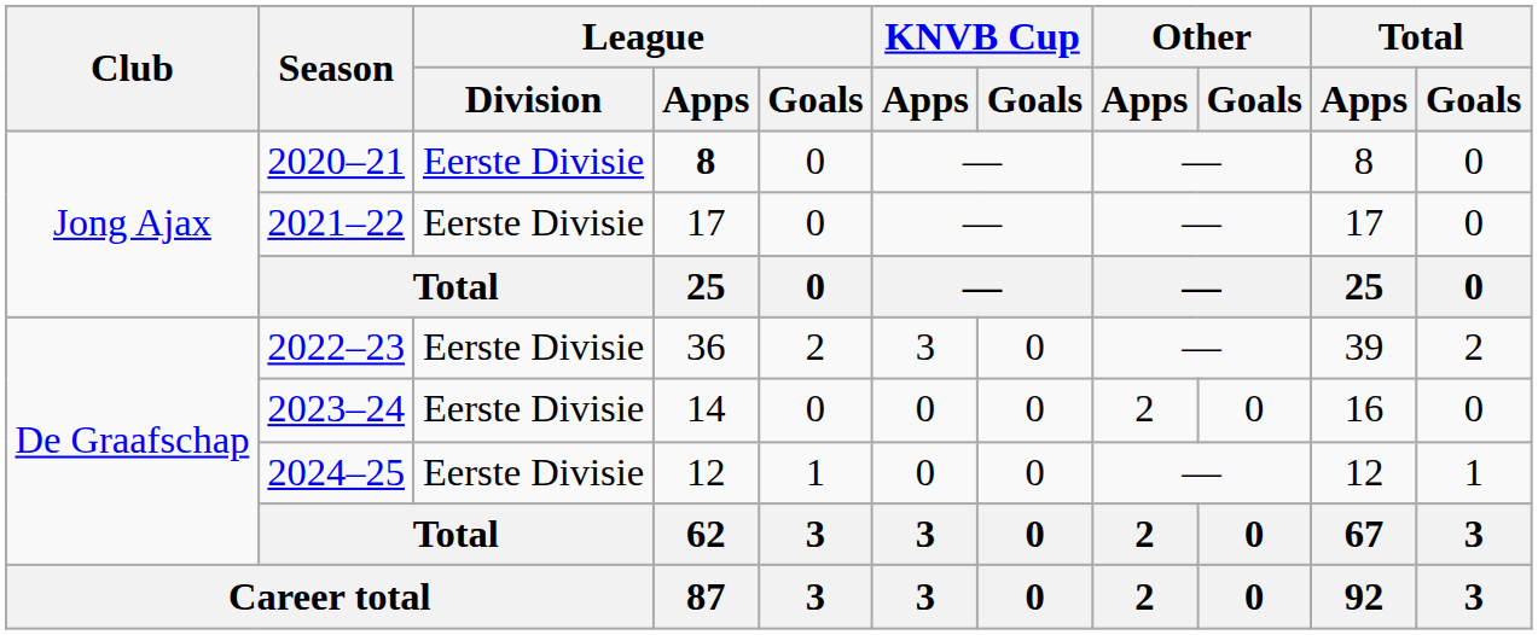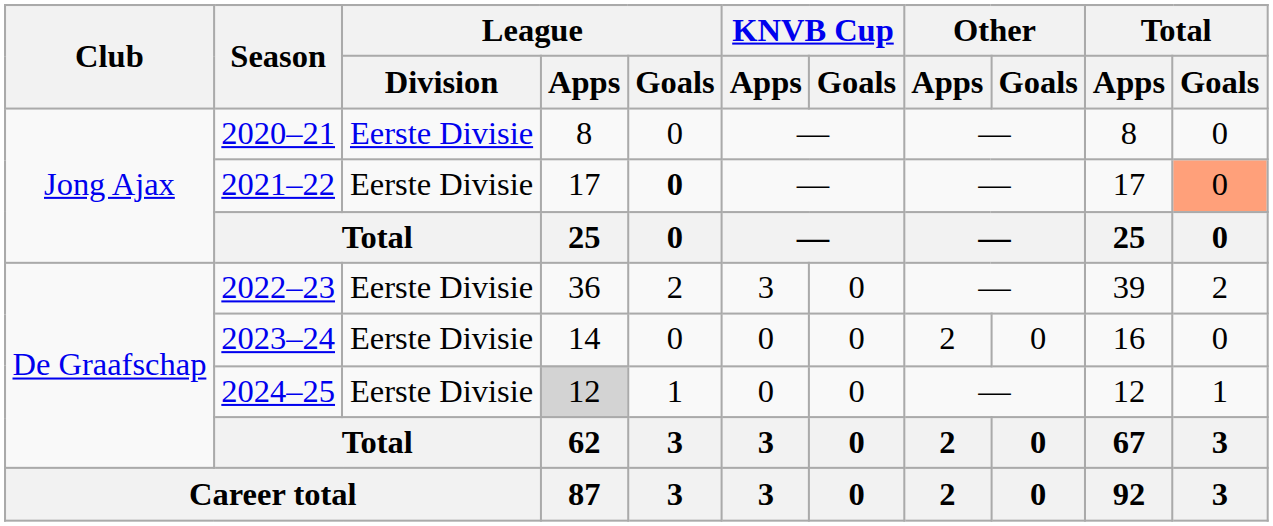 <table class="wikitable" style="text-align:center">
 <tr>
 <th rowspan="2">Club</th>
 <th rowspan="2">Season</th>
 <th colspan="3">League</th>
 <th colspan="2"><a href='#'>KNVB Cup</a></th>
 <th colspan="2">Other</th>
 <th colspan="2">Total</th>
 </tr>
 <tr>
 <th>Division</th>
 <th>Apps</th>
 <th>Goals</th>
 <th>Apps</th>
 <th>Goals</th>
 <th>Apps</th>
 <th>Goals</th>
 <th>Apps</th>
 <th>Goals</th>
 </tr>
 <tr>
 <td rowspan="3"><a href='#'>Jong Ajax</a></td>
 <td><a href='#'>2020–21</a></td>
 <td><a href='#'>Eerste Divisie</a></td>
-<td><strong>8</strong></td>
+<td>8</td>
 <td>0</td>
 <td colspan="2">—</td>
 <td colspan="2">—</td>
 <td>8</td>
 <td>0</td>
 </tr>
 <tr>
 <td><a href='#'>2021–22</a></td>
 <td>Eerste Divisie</td>
 <td>17</td>
-<td>0</td>
+<td><strong>0</strong></td>
 <td colspan="2">—</td>
 <td colspan="2">—</td>
 <td>17</td>
-<td>0</td>
+<td style="background: lightsalmon;">0</td>
 </tr>
 <tr>
 <th colspan="2">Total</th>
 <th>25</th>
 <th>0</th>
 <th colspan="2">—</th>
 <th colspan="2">—</th>
 <th>25</th>
 <th>0</th>
 </tr>
 <tr>
 <td rowspan="4"><a href='#'>De Graafschap</a></td>
 <td><a href='#'>2022–23</a></td>
 <td>Eerste Divisie</td>
 <td>36</td>
 <td>2</td>
 <td>3</td>
 <td>0</td>
 <td colspan="2">—</td>
 <td>39</td>
 <td>2</td>
 </tr>
 <tr>
 <td><a href='#'>2023–24</a></td>
 <td>Eerste Divisie</td>
 <td>14</td>
 <td>0</td>
 <td>0</td>
 <td>0</td>
 <td>2</td>
 <td>0</td>
 <td>16</td>
 <td>0</td>
 </tr>
 <tr>
 <td><a href='#'>2024–25</a></td>
 <td>Eerste Divisie</td>
-<td>12</td>
+<td style="background: lightgrey;">12</td>
 <td>1</td>
 <td>0</td>
 <td>0</td>
 <td colspan="2">—</td>
 <td>12</td>
 <td>1</td>
 </tr>
 <tr>
 <th colspan="2">Total</th>
 <th>62</th>
 <th>3</th>
 <th>3</th>
 <th>0</th>
 <th>2</th>
 <th>0</th>
 <th>67</th>
 <th>3</th>
 </tr>
 <tr>
 <th colspan="3">Career total</th>
 <th>87</th>
 <th>3</th>
 <th>3</th>
 <th>0</th>
 <th>2</th>
 <th>0</th>
 <th>92</th>
 <th>3</th>
 </tr>
 </table>
